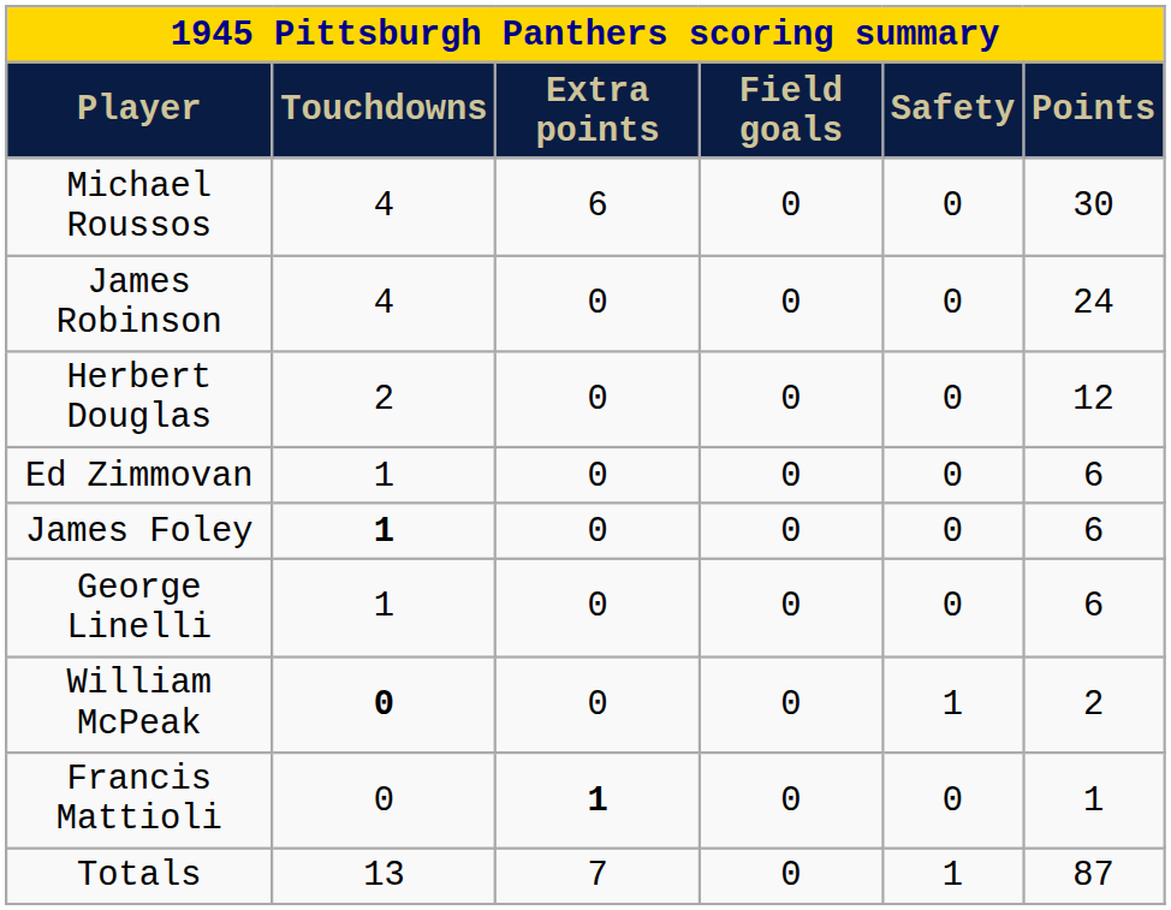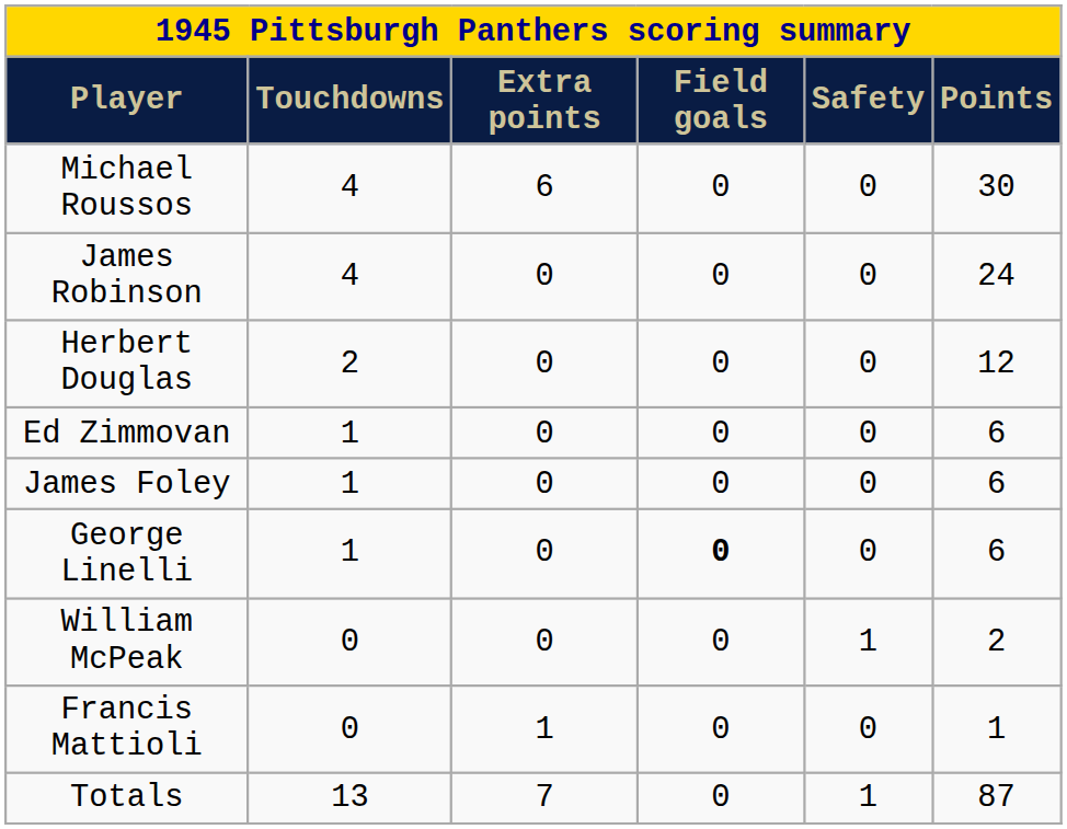 <table class="wikitable" width="70%">
 <tr>
 <th colspan="10" style="background:gold; color:darkblue; text-align: center;"><strong>1945 Pittsburgh Panthers scoring summary</strong></th>
 </tr>
 <tr align="center"  style="background:#091C44;color:#CEC499;">
 <td><strong>Player</strong></td>
 <td><strong>Touchdowns</strong></td>
 <td><strong>Extra points</strong></td>
 <td><strong>Field goals</strong></td>
 <td><strong>Safety</strong></td>
 <td><strong>Points</strong></td>
 </tr>
 <tr align="center" bgcolor="">
 <td>Michael Roussos</td>
 <td>4</td>
 <td>6</td>
 <td>0</td>
 <td>0</td>
 <td>30</td>
 </tr>
 <tr align="center" bgcolor="">
 <td>James Robinson</td>
 <td>4</td>
 <td>0</td>
 <td>0</td>
 <td>0</td>
 <td>24</td>
 </tr>
 <tr align="center" bgcolor="">
 <td>Herbert Douglas</td>
 <td>2</td>
 <td>0</td>
 <td>0</td>
 <td>0</td>
 <td>12</td>
 </tr>
 <tr align="center" bgcolor="">
 <td>Ed Zimmovan</td>
 <td>1</td>
 <td>0</td>
 <td>0</td>
 <td>0</td>
 <td>6</td>
 </tr>
 <tr align="center" bgcolor="">
 <td>James Foley</td>
-<td><strong>1</strong></td>
+<td>1</td>
 <td>0</td>
 <td>0</td>
 <td>0</td>
 <td>6</td>
 </tr>
 <tr align="center" bgcolor="">
 <td>George Linelli</td>
 <td>1</td>
 <td>0</td>
-<td>0</td>
+<td><strong>0</strong></td>
 <td>0</td>
 <td>6</td>
 </tr>
 <tr align="center" bgcolor="">
 <td>William McPeak</td>
-<td><strong>0</strong></td>
+<td>0</td>
 <td>0</td>
 <td>0</td>
 <td>1</td>
 <td>2</td>
 </tr>
 <tr align="center" bgcolor="">
 <td>Francis Mattioli</td>
 <td>0</td>
-<td><strong>1</strong></td>
+<td>1</td>
 <td>0</td>
 <td>0</td>
 <td>1</td>
 </tr>
 <tr align="center" bgcolor="">
 <td>Totals</td>
 <td>13</td>
 <td>7</td>
 <td>0</td>
 <td>1</td>
 <td>87</td>
 </tr>
 <tr align="center" bgcolor="">
 </tr>
 </table>
